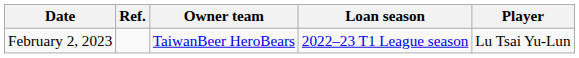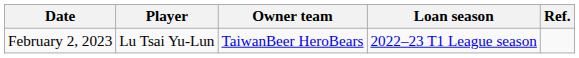 <table class="wikitable">
 <tr>
 <th>Date</th>
-<th>Ref.</th>
+<th>Player</th>
 <th>Owner team</th>
 <th>Loan season</th>
-<th>Player</th>
+<th>Ref.</th>
 </tr>
 <tr>
 <td>February 2, 2023</td>
-<td></td>
+<td>Lu Tsai Yu-Lun</td>
 <td><a href='#'>TaiwanBeer HeroBears</a></td>
 <td><a href='#'>2022–23 T1 League season</a></td>
-<td>Lu Tsai Yu-Lun</td>
+<td></td>
 </tr>
 </table>
